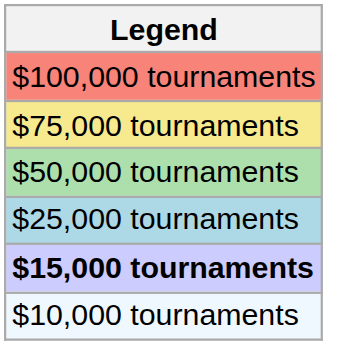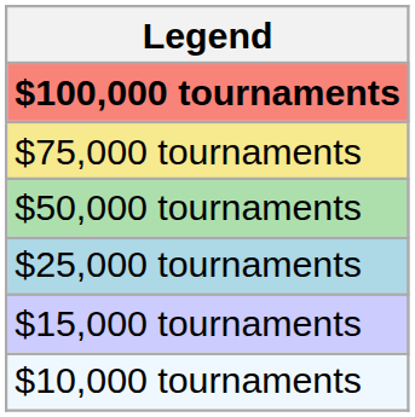 <table class=wikitable style="font-size:85%;">
 <tr>
 <th>Legend</th>
 </tr>
 <tr style="background:#f88379;">
-<td>$100,000 tournaments</td>
+<td><strong>$100,000 tournaments</strong></td>
 </tr>
 <tr style="background:#f7e98e;">
 <td>$75,000 tournaments</td>
 </tr>
 <tr style="background:#addfad;">
 <td>$50,000 tournaments</td>
 </tr>
 <tr style="background:lightblue;">
 <td>$25,000 tournaments</td>
 </tr>
 <tr style="background:#ccf;">
-<td><strong>$15,000 tournaments</strong></td>
+<td>$15,000 tournaments</td>
 </tr>
 <tr style="background:#f0f8ff;">
 <td>$10,000 tournaments</td>
 </tr>
 </table>
